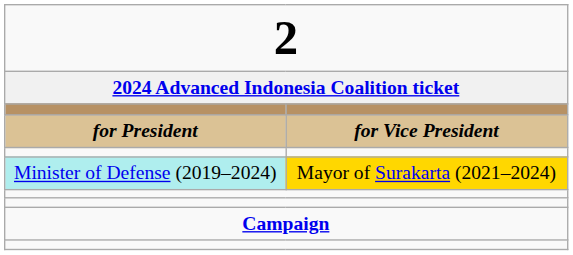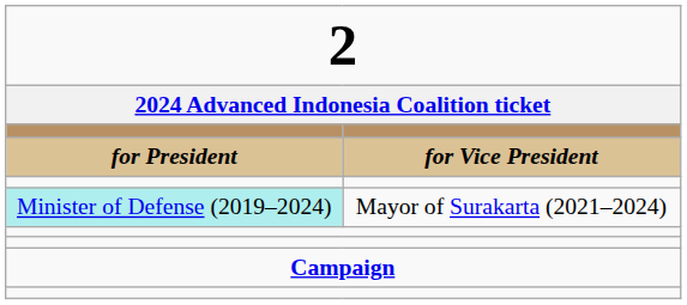 <table class="wikitable" style="font-size:90%; text-align:center;">
 <tr>
 <td colspan=2><big><big><big><big><big><strong>2</strong></big></big></big></big></big></td>
 </tr>
 <tr>
 <td colspan="2" style="background:#f1f1f1;"><strong><a href='#'>2024 Advanced Indonesia Coalition ticket</a></strong></td>
 </tr>
 <tr>
 <th style="font-size:135%; background:#B79164;"><a href='#'></a></th>
 <th style="font-size:135%; background:#B79164;"><a href='#'></a></th>
 </tr>
 <tr style="color:#000; font-size:100%; background:#DBC295;">
 <td style="width:3em; width:200px;"><strong><em>for President</em></strong></td>
 <td style="width:3em; width:200px;"><strong><em>for Vice President</em></strong></td>
 </tr>
 <tr>
 <td></td>
 <td></td>
 </tr>
 <tr>
 <td style="background: paleturquoise;"><a href='#'>Minister of Defense</a> (2019–2024)</td>
-<td style="background: gold;">Mayor of <a href='#'>Surakarta</a> (2021–2024)</td>
+<td>Mayor of <a href='#'>Surakarta</a> (2021–2024)</td>
 </tr>
 <tr>
 <td colspan=2></td>
 </tr>
 <tr>
 <td colspan=2><strong></strong></td>
 </tr>
 <tr>
 <td colspan=2><strong><a href='#'>Campaign</a></strong></td>
 </tr>
 <tr>
 <td colspan=2></td>
 </tr>
 </table>
